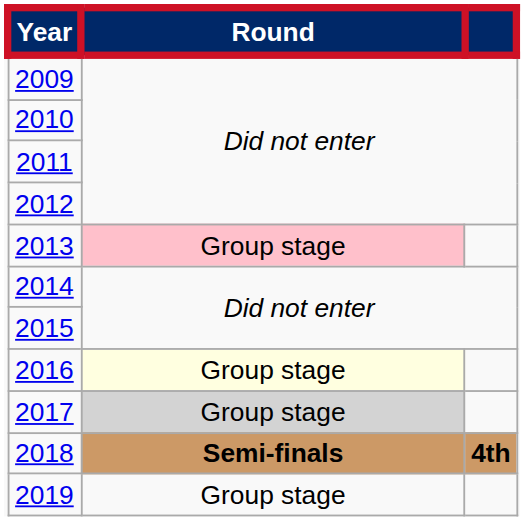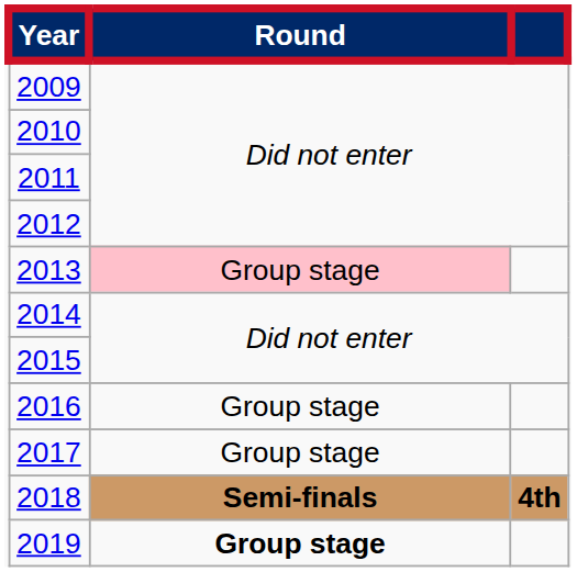 <table class="wikitable" style="text-align: center; font-size:90%">
 <tr style="color:white;">
 <th style="background:#002868; border: 4px solid #CE1126; ">Year</th>
 <th style="background:#002868; border: 4px solid #CE1126; width:200px">Round</th>
 <th style="background:#002868; border: 4px solid #CE1126;"></th>
 </tr>
 <tr>
 <td><a href='#'>2009</a></td>
 <td colspan="2" rowspan="4"><em>Did not enter</em></td>
 </tr>
 <tr>
 <td><a href='#'>2010</a></td>
 </tr>
 <tr>
 <td><a href='#'>2011</a></td>
 </tr>
 <tr>
 <td><a href='#'>2012</a></td>
 </tr>
 <tr>
 <td><a href='#'>2013</a></td>
 <td style="background: pink;">Group stage</td>
 <td></td>
 </tr>
 <tr>
 <td><a href='#'>2014</a></td>
 <td colspan="2" rowspan="2"><em>Did not enter</em></td>
 </tr>
 <tr>
 <td><a href='#'>2015</a></td>
 </tr>
 <tr>
 <td><a href='#'>2016</a></td>
-<td style="background: lightyellow;">Group stage</td>
+<td>Group stage</td>
 <td></td>
 </tr>
 <tr>
 <td><a href='#'>2017</a></td>
-<td style="background: lightgrey;">Group stage</td>
+<td>Group stage</td>
 <td></td>
 </tr>
 <tr>
 <td><a href='#'>2018</a></td>
 <td bgcolor="cc9966"><strong>Semi-finals</strong></td>
 <td bgcolor="cc9966"><strong>4th</strong></td>
 </tr>
 <tr>
 <td><a href='#'>2019</a></td>
-<td>Group stage</td>
+<td><strong>Group stage</strong></td>
 <td></td>
 </tr>
 </table>
